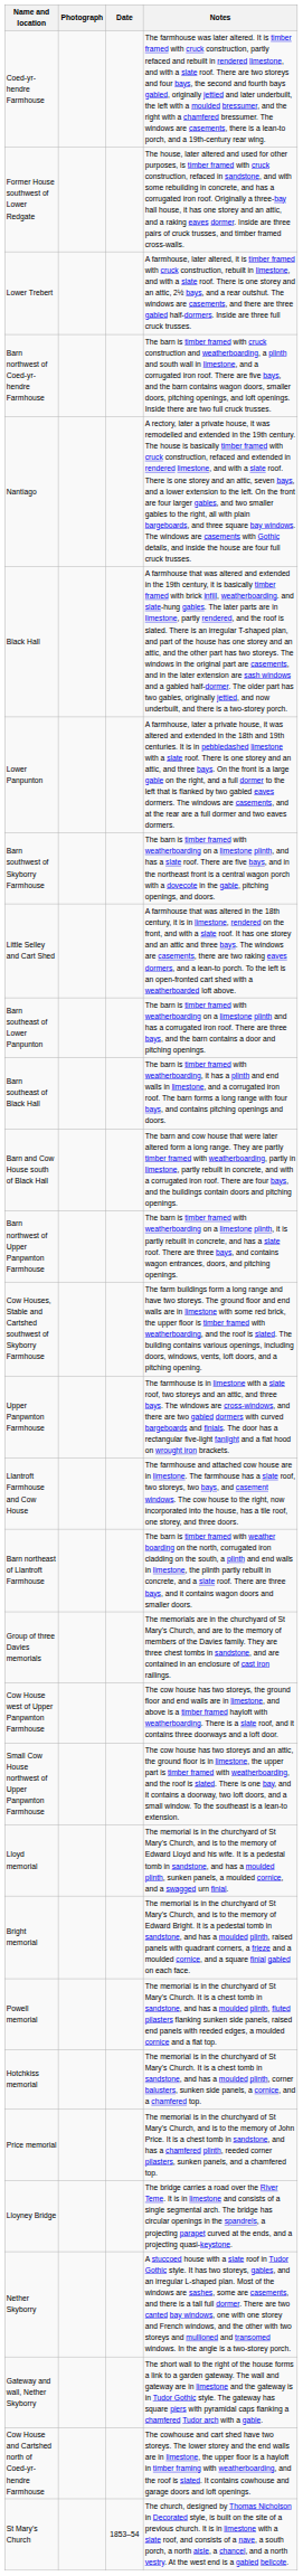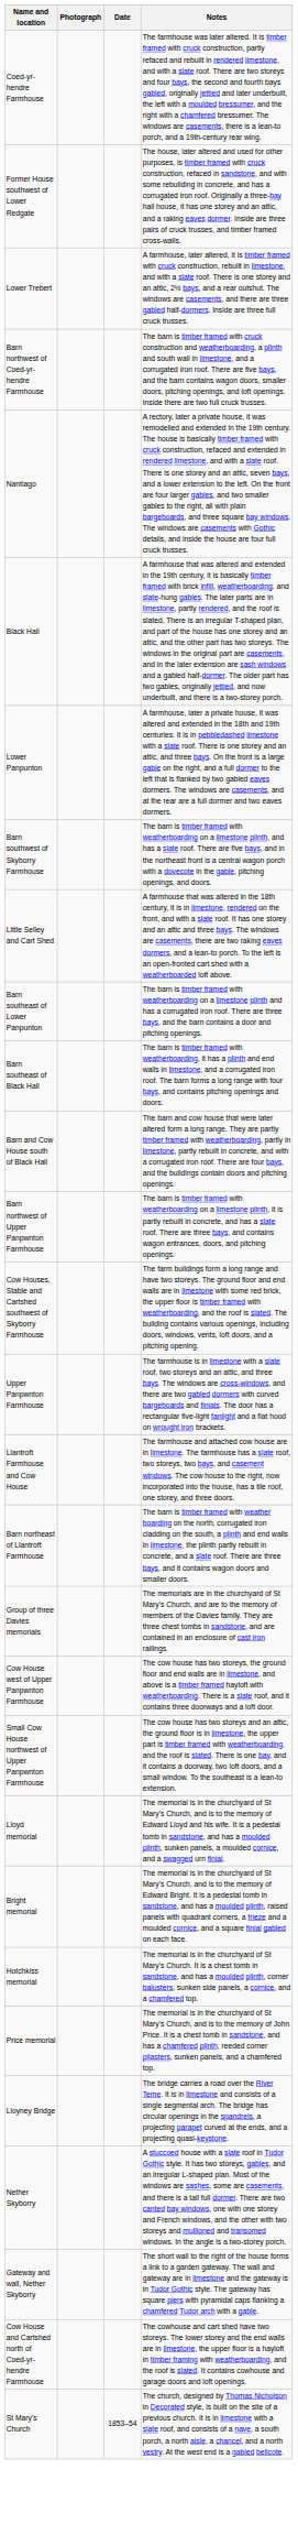 <table class="wikitable sortable plainrowheaders" style="width:100%;border:0px;text-align:left;line-height:150%;">
 <tr>
 <th scope="col"  style="width:150px">Name and location</th>
 <th scope="col"  style="width:100px" class="unsortable">Photograph</th>
 <th scope="col"  style="width:120px">Date</th>
 <th scope="col"  style="width:650px" class="unsortable">Notes</th>
 </tr>
 <tr>
 <td>Coed-yr-hendre Farmhouse<br><small></small></td>
 <td></td>
 <td align="center"></td>
 <td>The farmhouse was later altered.  It is <a href='#'>timber framed</a> with <a href='#'>cruck</a> construction, partly refaced and rebuilt in <a href='#'>rendered</a> <a href='#'>limestone</a>, and with a <a href='#'>slate</a> roof.  There are two storeys and four <a href='#'>bays</a>, the second and fourth bays <a href='#'>gabled</a>, originally <a href='#'>jettied</a> and later underbuilt, the left with a <a href='#'>moulded</a> <a href='#'>bressumer</a>, and the right with a <a href='#'>chamfered</a> bressumer.  The windows are <a href='#'>casements</a>, there is a lean-to porch, and a 19th-century rear wing.</td>
 </tr>
 <tr>
 <td>Former House southwest of Lower Redgate<br><small></small></td>
 <td></td>
 <td align="center"></td>
 <td>The house, later altered and used for other purposes, is <a href='#'>timber framed</a> with <a href='#'>cruck</a> construction, refaced in <a href='#'>sandstone</a>, and with some rebuilding in concrete, and has a corrugated iron roof.  Originally a three-<a href='#'>bay</a> hall house, it has one storey and an attic, and a raking <a href='#'>eaves</a> <a href='#'>dormer</a>.  Inside are three pairs of cruck trusses, and timber framed cross-walls.</td>
 </tr>
 <tr>
 <td>Lower Trebert<br><small></small></td>
 <td></td>
 <td align="center"></td>
 <td>A farmhouse, later altered, it is <a href='#'>timber framed</a> with <a href='#'>cruck</a> construction, rebuilt in <a href='#'>limestone</a>, and with a <a href='#'>slate</a> roof.  There is one storey and an attic, 2½ <a href='#'>bays</a>, and a rear outshut.  The windows are <a href='#'>casements</a>, and there are three <a href='#'>gabled</a> half-<a href='#'>dormers</a>.  Inside are three full cruck trusses.</td>
 </tr>
 <tr>
 <td>Barn northwest of Coed-yr-hendre Farmhouse<br><small></small></td>
 <td></td>
 <td align="center"></td>
 <td>The barn is <a href='#'>timber framed</a> with <a href='#'>cruck</a> construction and <a href='#'>weatherboarding</a>, a <a href='#'>plinth</a> and south wall in <a href='#'>limestone</a>, and a corrugated iron roof.  There are five <a href='#'>bays</a>, and the barn contains wagon doors, smaller doors, pitching openings, and loft openings.  Inside there are two full cruck trusses.</td>
 </tr>
 <tr>
 <td>Nantiago<br><small></small></td>
 <td></td>
 <td align="center"></td>
 <td>A rectory, later a private house, it was remodelled and extended in the 19th century.  The house is basically <a href='#'>timber framed</a> with <a href='#'>cruck</a> construction, refaced and extended in <a href='#'>rendered</a> <a href='#'>limestone</a>, and with a <a href='#'>slate</a> roof.  There is one storey and an attic, seven <a href='#'>bays</a>, and a lower extension to the left.  On the front are four larger <a href='#'>gables</a>, and two smaller gables to the right, all with plain <a href='#'>bargeboards</a>, and three square <a href='#'>bay windows</a>.  The windows are <a href='#'>casements</a> with <a href='#'>Gothic</a> details, and inside the house are four full cruck trusses.</td>
 </tr>
 <tr>
 <td>Black Hall<br><small></small></td>
 <td></td>
 <td align="center"></td>
 <td>A farmhouse that was altered and extended in the 19th century, it is basically <a href='#'>timber framed</a> with brick <a href='#'>infill</a>, <a href='#'>weatherboarding</a>. and <a href='#'>slate</a>-hung <a href='#'>gables</a>.  The later parts are in <a href='#'>limestone</a>, partly <a href='#'>rendered</a>, and the roof is slated.  There is an irregular T-shaped plan, and part of the house has one storey and an attic, and the other part has two storeys.  The windows in the original part are <a href='#'>casements</a>, and in the later extension are <a href='#'>sash windows</a> and a gabled half-<a href='#'>dormer</a>.  The older part has two gables, originally <a href='#'>jettied</a>, and now underbuilt, and there is a two-storey porch.</td>
 </tr>
 <tr>
 <td>Lower Panpunton<br><small></small></td>
 <td></td>
 <td align="center"></td>
 <td>A farmhouse, later a private house, it was altered and extended in the 18th and 19th centuries.  It is in <a href='#'>pebbledashed</a> <a href='#'>limestone</a> with a <a href='#'>slate</a> roof.  There is one storey and an attic, and three <a href='#'>bays</a>.  On the front is a large <a href='#'>gable</a> on the right, and a full <a href='#'>dormer</a> to the left that is flanked by two gabled <a href='#'>eaves</a> dormers.  The windows are <a href='#'>casements</a>, and at the rear are a full dormer and two eaves dormers.</td>
 </tr>
 <tr>
 <td>Barn southwest of Skyborry Farmhouse<br><small></small></td>
 <td></td>
 <td align="center"></td>
 <td>The barn is <a href='#'>timber framed</a> with <a href='#'>weatherboarding</a> on a <a href='#'>limestone</a> <a href='#'>plinth</a>, and has a <a href='#'>slate</a> roof.  There are five <a href='#'>bays</a>, and in the northeast front is a central wagon porch with a <a href='#'>dovecote</a> in the <a href='#'>gable</a>, pitching openings, and doors.</td>
 </tr>
 <tr>
 <td>Little Selley and Cart Shed<br><small></small></td>
 <td></td>
 <td align="center"></td>
 <td>A farmhouse that was altered in the 18th century, it is in <a href='#'>limestone</a>, <a href='#'>rendered</a> on the front, and with a <a href='#'>slate</a> roof.  It has one storey and an attic and three <a href='#'>bays</a>.  The windows are <a href='#'>casements</a>, there are two raking <a href='#'>eaves</a> <a href='#'>dormers</a>, and a lean-to porch.  To the left is an open-fronted cart shed with a <a href='#'>weatherboarded</a> loft above.</td>
 </tr>
 <tr>
 <td>Barn southeast of Lower Panpunton<br><small></small></td>
 <td></td>
 <td align="center"></td>
 <td>The barn is <a href='#'>timber framed</a> with <a href='#'>weatherboarding</a> on a <a href='#'>limestone</a> <a href='#'>plinth</a> and has a corrugated iron roof.  There are three <a href='#'>bays</a>, and the barn contains a door and pitching openings.</td>
 </tr>
 <tr>
 <td>Barn southeast of Black Hall<br><small></small></td>
 <td></td>
 <td align="center"></td>
 <td>The barn is <a href='#'>timber framed</a> with <a href='#'>weatherboarding</a>, it has a <a href='#'>plinth</a> and end walls in <a href='#'>limestone</a>, and a corrugated iron roof.  The barn forms a long range with four <a href='#'>bays</a>, and contains pitching openings and doors.</td>
 </tr>
 <tr>
 <td>Barn and Cow House south of Black Hall<br><small></small></td>
 <td></td>
 <td align="center"></td>
 <td>The barn and cow house that were later altered form a long range.  They are partly <a href='#'>timber framed</a> with <a href='#'>weatherboarding</a>, partly in <a href='#'>limestone</a>, partly rebuilt in concrete, and with a corrugated iron roof.  There are four <a href='#'>bays</a>, and the buildings contain doors and pitching openings.</td>
 </tr>
 <tr>
 <td>Barn northwest of Upper Panpwnton Farmhouse<br><small></small></td>
 <td></td>
 <td align="center"></td>
 <td>The barn is <a href='#'>timber framed</a> with <a href='#'>weatherboarding</a> on a <a href='#'>limestone</a> <a href='#'>plinth</a>, it is partly rebuilt in concrete, and has a <a href='#'>slate</a> roof.  There are three <a href='#'>bays</a>, and contains wagon entrances, doors, and pitching openings.</td>
 </tr>
 <tr>
 <td>Cow Houses, Stable and Cartshed southwest of Skyborry Farmhouse<br><small></small></td>
 <td></td>
 <td align="center"></td>
 <td>The farm buildings form a long range and have two storeys.  The ground floor and end walls are in <a href='#'>limestone</a> with some red brick, the upper floor is <a href='#'>timber framed</a> with <a href='#'>weatherboarding</a>, and the roof is <a href='#'>slated</a>.  The building contains various openings, including doors, windows, vents, loft doors, and a pitching opening.</td>
 </tr>
 <tr>
 <td>Upper Panpwnton Farmhouse<br><small></small></td>
 <td></td>
 <td align="center"></td>
 <td>The farmhouse is in <a href='#'>limestone</a> with a <a href='#'>slate</a> roof, two storeys and an attic, and three <a href='#'>bays</a>.  The windows are <a href='#'>cross-windows</a>, and there are two <a href='#'>gabled</a> <a href='#'>dormers</a> with curved <a href='#'>bargeboards</a> and <a href='#'>finials</a>.  The door has a rectangular five-light <a href='#'>fanlight</a> and a flat hood on <a href='#'>wrought iron</a> brackets.</td>
 </tr>
 <tr>
 <td>Llantroft Farmhouse and Cow House<br><small></small></td>
 <td></td>
 <td align="center"></td>
 <td>The farmhouse and attached cow house are in <a href='#'>limestone</a>.  The farmhouse has a <a href='#'>slate</a> roof, two storeys, two <a href='#'>bays</a>, and <a href='#'>casement windows</a>.  The cow house to the right, now incorporated into the house, has a tile roof, one storey, and three doors.</td>
 </tr>
 <tr>
 <td>Barn northeast of Llantroft Farmhouse<br><small></small></td>
 <td></td>
 <td align="center"></td>
 <td>The barn is <a href='#'>timber framed</a> with <a href='#'>weather boarding</a> on the north, corrugated iron cladding on the south, a <a href='#'>plinth</a> and end walls in <a href='#'>limestone</a>, the plinth partly rebuilt in concrete, and a <a href='#'>slate</a> roof.  There are three <a href='#'>bays</a>, and it contains wagon doors and smaller doors.</td>
 </tr>
 <tr>
 <td>Group of three Davies memorials<br><small></small></td>
 <td></td>
 <td align="center"></td>
 <td>The memorials are in the churchyard of St Mary's Church, and are to the memory of members of the Davies family.  They are three chest tombs in <a href='#'>sandstone</a>, and are contained in an enclosure of <a href='#'>cast iron</a> railings.</td>
 </tr>
 <tr>
 <td>Cow House west of Upper Panpwnton Farmhouse<br><small></small></td>
 <td></td>
 <td align="center"></td>
 <td>The cow house has two storeys, the ground floor and end walls are in <a href='#'>limestone</a>, and above is a <a href='#'>timber framed</a> hayloft with <a href='#'>weatherboarding</a>.  There is a <a href='#'>slate</a> roof, and it contains three doorways and a loft door.</td>
 </tr>
 <tr>
 <td>Small Cow House northwest of Upper Panpwnton Farmhouse<br><small></small></td>
 <td></td>
 <td align="center"></td>
 <td>The cow house has two storeys and an attic, the ground floor is in <a href='#'>limestone</a>, the upper part is <a href='#'>timber framed</a> with <a href='#'>weatherboarding</a>, and the roof is <a href='#'>slated</a>.  There is one <a href='#'>bay</a>, and it contains a doorway, two loft doors, and a small window.  To the southeast is a lean-to extension.</td>
 </tr>
 <tr>
 <td>Lloyd memorial<br><small></small></td>
 <td></td>
 <td align="center"></td>
 <td>The memorial is in the churchyard of St Mary's Church, and is to the memory of Edward Lloyd and his wife.  It is a pedestal tomb in <a href='#'>sandstone</a>, and has a <a href='#'>moulded</a> <a href='#'>plinth</a>, sunken panels, a moulded <a href='#'>cornice</a>, and a <a href='#'>swagged</a> urn <a href='#'>finial</a>.</td>
 </tr>
 <tr>
 <td>Bright memorial<br><small></small></td>
 <td></td>
 <td align="center"></td>
 <td>The memorial is in the churchyard of St Mary's Church, and is to the memory of Edward Bright.  It is a pedestal tomb in <a href='#'>sandstone</a>, and has a <a href='#'>moulded</a> <a href='#'>plinth</a>, raised panels with quadrant corners, a <a href='#'>frieze</a> and a moulded <a href='#'>cornice</a>, and a square <a href='#'>finial</a> <a href='#'>gabled</a> on each face.</td>
 </tr>
 <tr>
-<td>Powell memorial<br><small></small></td>
-<td></td>
-<td align="center"></td>
-<td>The memorial is in the churchyard of St Mary's Church.  It is a chest tomb in <a href='#'>sandstone</a>, and has a <a href='#'>moulded</a> <a href='#'>plinth</a>, <a href='#'>fluted</a> <a href='#'>pilasters</a> flanking sunken side panels, raised end panels with reeded edges, a moulded <a href='#'>cornice</a> and a flat top.</td>
-</tr>
-<tr>
 <td>Hotchkiss memorial<br><small></small></td>
 <td></td>
 <td align="center"></td>
 <td>The memorial is in the churchyard of St Mary's Church.  It is a chest tomb in <a href='#'>sandstone</a>, and has a <a href='#'>moulded</a> <a href='#'>plinth</a>, corner <a href='#'>balusters</a>, sunken side panels, a <a href='#'>cornice</a>, and a <a href='#'>chamfered</a> top.</td>
 </tr>
 <tr>
 <td>Price memorial<br><small></small></td>
 <td></td>
 <td align="center"></td>
 <td>The memorial is in the churchyard of St Mary's Church, and is to the memory of John Price.  It is a chest tomb in <a href='#'>sandstone</a>, and has a <a href='#'>chamfered</a> <a href='#'>plinth</a>, reeded corner <a href='#'>pilasters</a>, sunken panels, and a chamfered top.</td>
 </tr>
 <tr>
 <td>Lloyney Bridge<br><small></small></td>
 <td></td>
 <td align="center"></td>
 <td>The bridge carries a road over the <a href='#'>River Teme</a>.  It is in <a href='#'>limestone</a> and consists of a single segmental arch.  The bridge has circular openings in the <a href='#'>spandrels</a>, a projecting <a href='#'>parapet</a> curved at the ends, and a projecting quasi-<a href='#'>keystone</a>.</td>
 </tr>
 <tr>
 <td>Nether Skyborry<br><small></small></td>
 <td></td>
 <td align="center"></td>
 <td>A <a href='#'>stuccoed</a> house with a <a href='#'>slate</a> roof in <a href='#'>Tudor Gothic</a> style.  It has two storeys, <a href='#'>gables</a>, and an irregular L-shaped plan.  Most of the windows are <a href='#'>sashes</a>, some are <a href='#'>casements</a>, and there is a tall full <a href='#'>dormer</a>.  There are two <a href='#'>canted</a> <a href='#'>bay windows</a>, one with one storey and French windows, and the other with two storeys and <a href='#'>mullioned</a> and <a href='#'>transomed</a> windows.  In the angle is a two-storey porch.</td>
 </tr>
 <tr>
 <td>Gateway and wall, Nether Skyborry<br><small></small></td>
 <td></td>
 <td align="center"></td>
 <td>The short wall to the right of the house forms a link to a garden gateway.  The wall and gateway are in <a href='#'>limestone</a> and the gateway is in <a href='#'>Tudor Gothic</a> style.  The gateway has square <a href='#'>piers</a> with pyramidal caps flanking a <a href='#'>chamfered</a> <a href='#'>Tudor arch</a> with a <a href='#'>gable</a>.</td>
 </tr>
 <tr>
 <td>Cow House and Cartshed north of<br>Coed-yr-hendre Farmhouse<br><small></small></td>
 <td></td>
 <td align="center"></td>
 <td>The cowhouse and cart shed have two storeys.  The lower storey and the end walls are in <a href='#'>limestone</a>, the upper floor is a hayloft in <a href='#'>timber framing</a> with <a href='#'>weatherboarding</a>, and the roof is <a href='#'>slated</a>.  It contains cowhouse and garage doors and loft openings.</td>
 </tr>
 <tr>
 <td>St Mary's Church<br><small></small></td>
 <td></td>
 <td align="center">1853–54</td>
 <td>The church, designed by <a href='#'>Thomas Nicholson</a> in <a href='#'>Decorated</a> style, is built on the site of a previous church.  It is in <a href='#'>limestone</a> with a <a href='#'>slate</a> roof, and consists of a <a href='#'>nave</a>, a south porch, a north <a href='#'>aisle</a>, a <a href='#'>chancel</a>, and a north <a href='#'>vestry</a>.  At the west end is a <a href='#'>gabled</a> <a href='#'>bellcote</a>.</td>
 </tr>
 <tr>
 </tr>
 </table>
